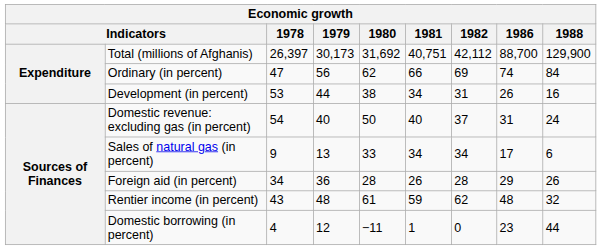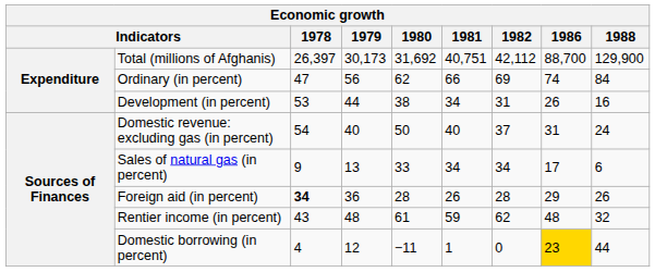 <table class="wikitable collapsible collapsed" width=60% style="float:right; margin:0 15px;">
 <tr>
 <th colspan="9" align="center">Economic growth</th>
 </tr>
 <tr>
 <th colspan="2" width=30%>Indicators</th>
 <th width=1%>1978</th>
 <th width=1%>1979</th>
 <th width=1%>1980</th>
 <th width=1%>1981</th>
 <th width=1%>1982</th>
 <th width=1%>1986</th>
 <th width=1%>1988</th>
 </tr>
 <tr>
 <th rowspan="3">Expenditure</th>
 <td>Total (millions of Afghanis)</td>
 <td>26,397</td>
 <td>30,173</td>
 <td>31,692</td>
 <td>40,751</td>
 <td>42,112</td>
 <td>88,700</td>
 <td>129,900</td>
 </tr>
 <tr>
 <td>Ordinary (in percent)</td>
 <td>47</td>
 <td>56</td>
 <td>62</td>
 <td>66</td>
 <td>69</td>
 <td>74</td>
 <td>84</td>
 </tr>
 <tr>
 <td>Development (in percent)</td>
 <td>53</td>
 <td>44</td>
 <td>38</td>
 <td>34</td>
 <td>31</td>
 <td>26</td>
 <td>16</td>
 </tr>
 <tr>
 <th rowspan="5">Sources of Finances</th>
 <td>Domestic revenue: excluding gas (in percent)</td>
 <td>54</td>
 <td>40</td>
 <td>50</td>
 <td>40</td>
 <td>37</td>
 <td>31</td>
 <td>24</td>
 </tr>
 <tr>
 <td>Sales of <a href='#'>natural gas</a> (in percent)</td>
 <td>9</td>
 <td>13</td>
 <td>33</td>
 <td>34</td>
 <td>34</td>
 <td>17</td>
 <td>6</td>
 </tr>
 <tr>
 <td>Foreign aid (in percent)</td>
-<td>34</td>
+<td><strong>34</strong></td>
 <td>36</td>
 <td>28</td>
 <td>26</td>
 <td>28</td>
 <td>29</td>
 <td>26</td>
 </tr>
 <tr>
 <td>Rentier income (in percent)</td>
 <td>43</td>
 <td>48</td>
 <td>61</td>
 <td>59</td>
 <td>62</td>
 <td>48</td>
 <td>32</td>
 </tr>
 <tr>
 <td>Domestic borrowing (in percent)</td>
 <td>4</td>
 <td>12</td>
 <td>−11</td>
 <td>1</td>
 <td>0</td>
-<td>23</td>
+<td style="background: gold;">23</td>
 <td>44</td>
 </tr>
 </table>
